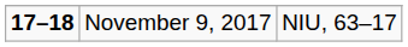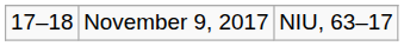 <table class="wikitable">
 <tr align="center">
 </tr>
 <tr align="center">
-<td><strong>17–18</strong></td>
+<td>17–18</td>
 <td>November 9, 2017</td>
 <td>NIU, 63–17</td>
 </tr>
 </table>
